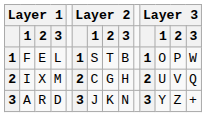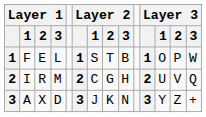 <table class="wikitable">
 <tr>
 <th colspan="4">Layer 1</th>
 <td></td>
 <th colspan="4">Layer 2</th>
 <td></td>
 <th colspan="4">Layer 3</th>
 </tr>
 <tr>
 <th></th>
 <th>1</th>
 <th>2</th>
 <th>3</th>
 <td></td>
 <th></th>
 <th>1</th>
 <th>2</th>
 <th>3</th>
 <td></td>
 <th></th>
 <th>1</th>
 <th>2</th>
 <th>3</th>
 </tr>
 <tr>
 <th>1</th>
 <td>F</td>
 <td>E</td>
 <td>L</td>
 <td></td>
 <th>1</th>
 <td>S</td>
 <td>T</td>
 <td>B</td>
 <td></td>
 <th>1</th>
 <td>O</td>
 <td>P</td>
 <td>W</td>
 </tr>
 <tr>
 <th>2</th>
 <td>I</td>
-<td>X</td>
+<td>R</td>
 <td>M</td>
 <td></td>
 <th>2</th>
 <td>C</td>
 <td>G</td>
 <td>H</td>
 <td></td>
 <th>2</th>
 <td>U</td>
 <td>V</td>
 <td>Q</td>
 </tr>
 <tr>
 <th>3</th>
 <td>A</td>
-<td>R</td>
+<td>X</td>
 <td>D</td>
 <td></td>
 <th>3</th>
 <td>J</td>
 <td>K</td>
 <td>N</td>
 <td></td>
 <th>3</th>
 <td>Y</td>
 <td>Z</td>
 <td>+</td>
 </tr>
 </table>
